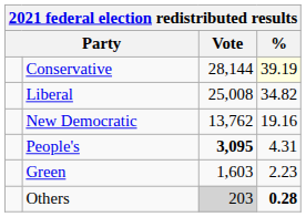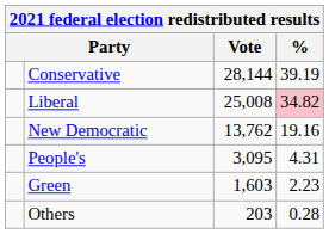 <table class="wikitable">
 <tr>
 <th colspan="4"><a href='#'>2021 federal election</a> redistributed results</th>
 </tr>
 <tr>
 <th bgcolor="#DDDDFF" width="130px" colspan="2">Party</th>
 <th bgcolor="#DDDDFF" width="50px">Vote</th>
 <th bgcolor="#DDDDFF" width="30px">%</th>
 </tr>
 <tr>
 <td> </td>
 <td><a href='#'>Conservative</a></td>
 <td align=right>28,144</td>
-<td align=right style="background: lightyellow;">39.19</td>
+<td align=right>39.19</td>
 </tr>
 <tr>
 <td> </td>
 <td><a href='#'>Liberal</a></td>
 <td align=right>25,008</td>
-<td align=right>34.82</td>
+<td align=right style="background: pink;">34.82</td>
 </tr>
 <tr>
 <td> </td>
 <td><a href='#'>New Democratic</a></td>
 <td align=right>13,762</td>
 <td align=right>19.16</td>
 </tr>
 <tr>
 <td> </td>
 <td><a href='#'>People's</a></td>
-<td align=right><strong>3,095</strong></td>
+<td align=right>3,095</td>
 <td align=right>4.31</td>
 </tr>
 <tr>
 <td> </td>
 <td><a href='#'>Green</a></td>
 <td align=right>1,603</td>
 <td align=right>2.23</td>
 </tr>
 <tr>
 <td> </td>
 <td>Others</td>
-<td align=right style="background: lightgrey;">203</td>
-<td align=right><strong>0.28</strong></td>
+<td align=right>203</td>
+<td align=right>0.28</td>
 </tr>
 </table>
